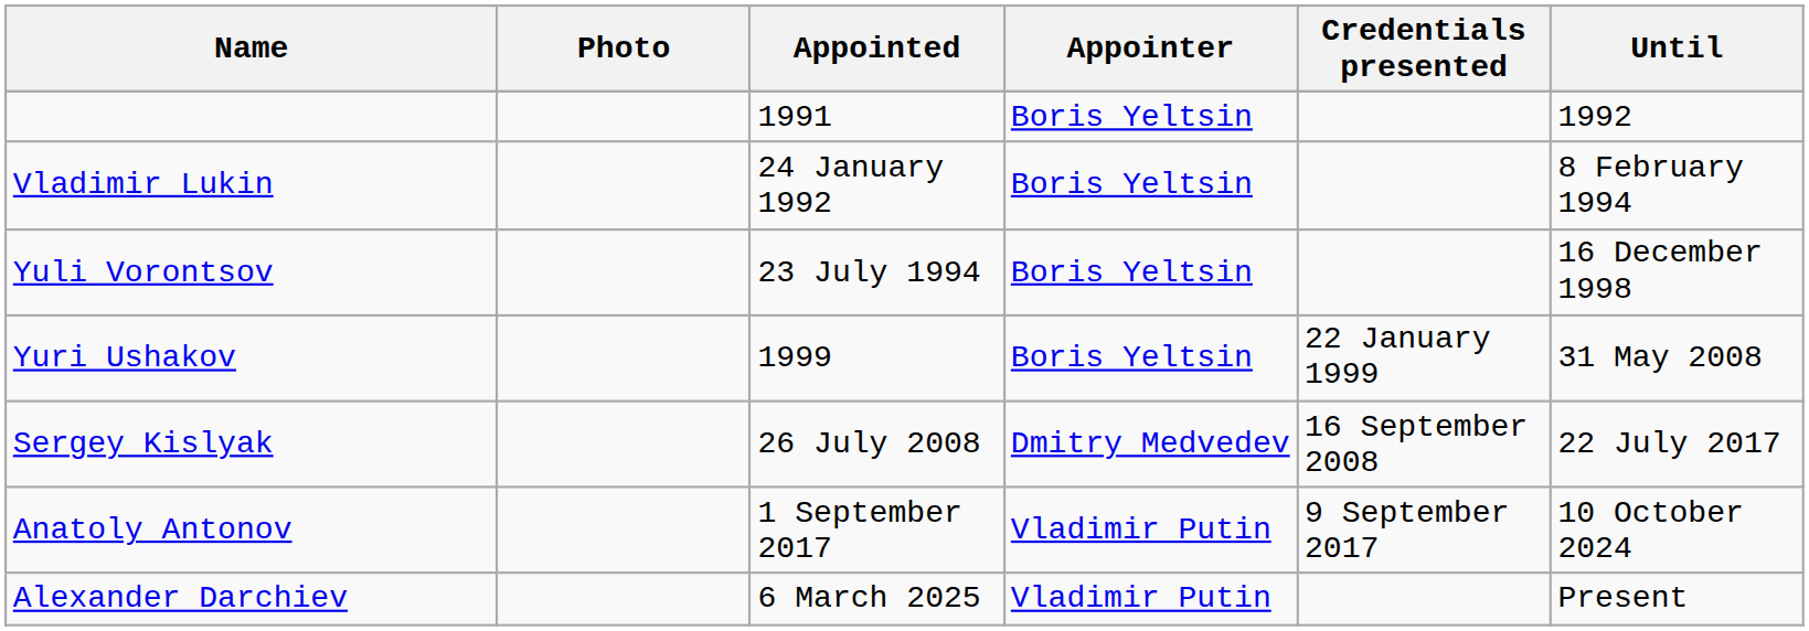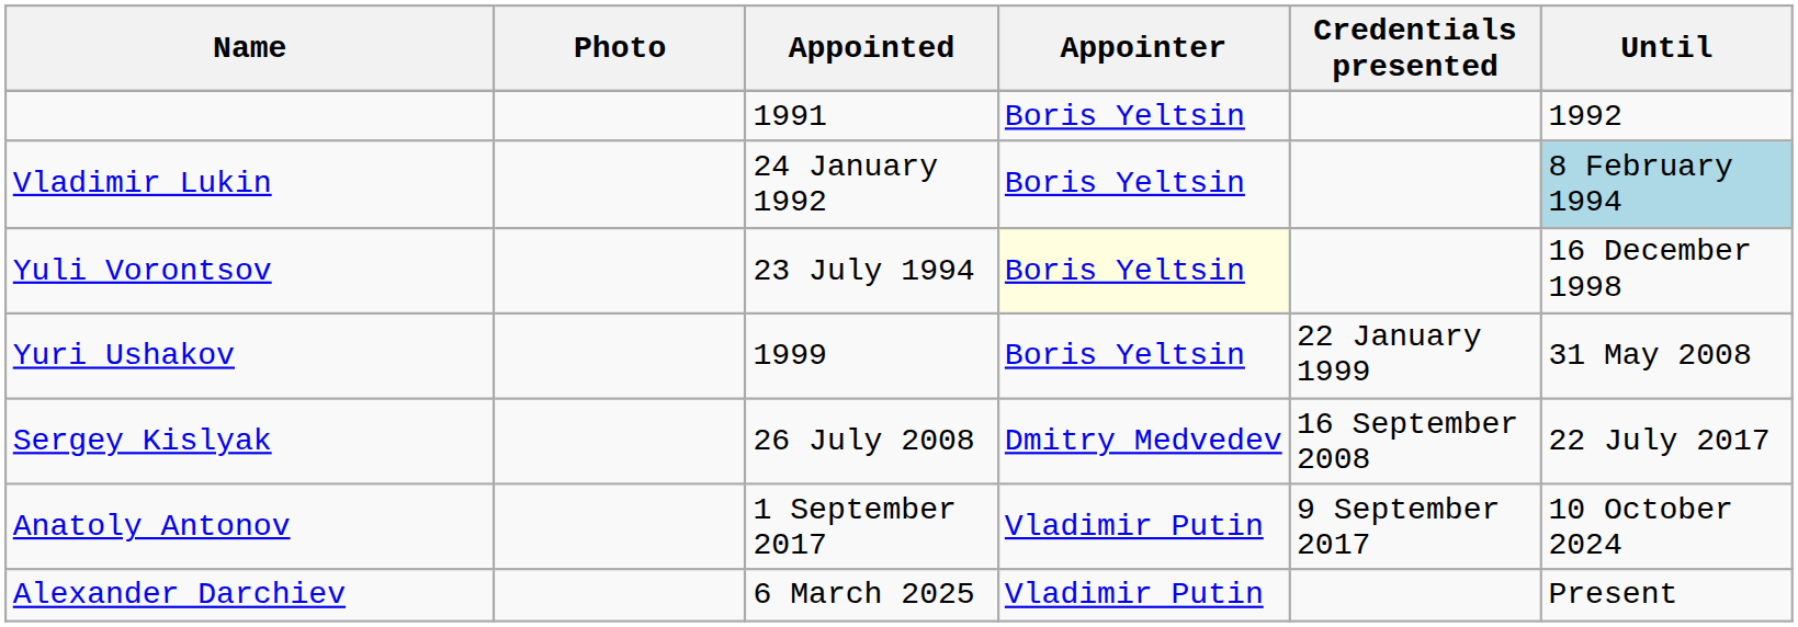 <table class="wikitable">
 <tr valign="middle">
 <th width=200>Name</th>
 <th width=100>Photo</th>
 <th width=100>Appointed</th>
 <th>Appointer</th>
 <th width="100">Credentials presented</th>
 <th width="100">Until</th>
 </tr>
 <tr style="font-weight:bold; background-color: #DDDDDD">
 </tr>
 <tr>
 <td></td>
 <td></td>
 <td>1991</td>
 <td><a href='#'>Boris Yeltsin</a></td>
 <td></td>
 <td>1992</td>
 </tr>
 <tr>
 <td><a href='#'>Vladimir Lukin</a></td>
 <td></td>
 <td>24 January 1992</td>
 <td><a href='#'>Boris Yeltsin</a></td>
 <td></td>
-<td>8 February 1994</td>
+<td style="background: lightblue;">8 February 1994</td>
 </tr>
 <tr>
 <td><a href='#'>Yuli Vorontsov</a></td>
 <td></td>
 <td>23 July 1994</td>
-<td><a href='#'>Boris Yeltsin</a></td>
+<td style="background: lightyellow;"><a href='#'>Boris Yeltsin</a></td>
 <td></td>
 <td>16 December 1998</td>
 </tr>
 <tr>
 <td><a href='#'>Yuri Ushakov</a></td>
 <td></td>
 <td>1999</td>
 <td><a href='#'>Boris Yeltsin</a></td>
 <td>22 January 1999</td>
 <td>31 May 2008</td>
 </tr>
 <tr>
 <td><a href='#'>Sergey Kislyak</a></td>
 <td></td>
 <td>26 July 2008</td>
 <td><a href='#'>Dmitry Medvedev</a></td>
 <td>16 September 2008</td>
 <td>22 July 2017</td>
 </tr>
 <tr>
 <td><a href='#'>Anatoly Antonov</a></td>
 <td></td>
 <td>1 September 2017</td>
 <td><a href='#'>Vladimir Putin</a></td>
 <td>9 September 2017</td>
 <td>10 October 2024</td>
 </tr>
 <tr>
 <td><a href='#'>Alexander Darchiev</a></td>
 <td></td>
 <td>6 March 2025 </td>
 <td><a href='#'>Vladimir Putin</a></td>
 <td></td>
 <td>Present</td>
 </tr>
 </table>
